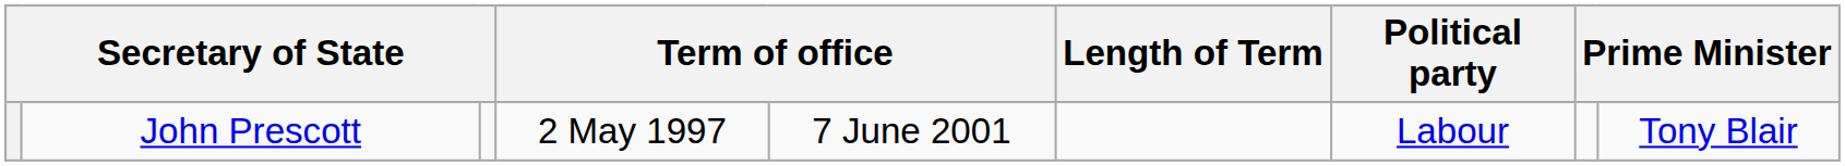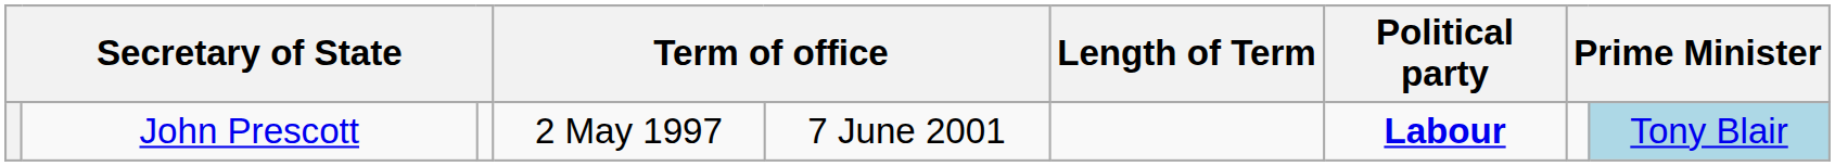 <table class="wikitable" style="text-align:center">
 <tr>
 <th colspan=3>Secretary of State</th>
 <th colspan=2 width=240>Term of office</th>
 <th>Length of Term</th>
 <th>Political party</th>
 <th colspan=2>Prime Minister</th>
 </tr>
 <tr style="height:1em">
 <th style="background-color:"></th>
 <td width=195><a href='#'>John Prescott</a><br></td>
 <td><br></td>
 <td>2 May 1997</td>
 <td>7 June 2001</td>
 <td></td>
-<td width=100><a href='#'>Labour</a></td>
+<td width=100><strong><a href='#'>Labour</a></strong></td>
 <td style="background-color:"></td>
-<td width=100><a href='#'>Tony Blair</a></td>
+<td width=100 style="background: lightblue;"><a href='#'>Tony Blair</a></td>
 </tr>
 </table>
